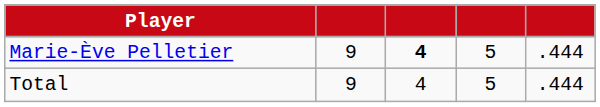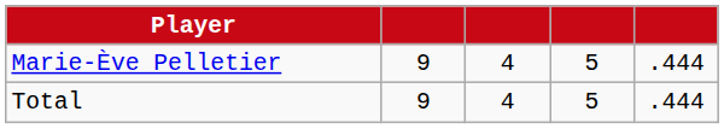 <table class="wikitable" style="text-align:center">
 <tr>
 <th style="background:#C80815; color:white" width="200px">Player</th>
 <th style="background:#C80815; color:white" width="40px"></th>
 <th style="background:#C80815; color:white" width="40px"></th>
 <th style="background:#C80815; color:white" width="40px"></th>
 <th style="background:#C80815; color:white" width="40px"></th>
 </tr>
 <tr>
 <td style="text-align:left"><a href='#'>Marie-Ève Pelletier</a></td>
 <td>9</td>
-<td><strong>4</strong></td>
+<td>4</td>
 <td>5</td>
 <td>.444</td>
 </tr>
 <tr>
 <td style="text-align:left">Total</td>
 <td>9</td>
 <td>4</td>
 <td>5</td>
 <td>.444</td>
 </tr>
 </table>
